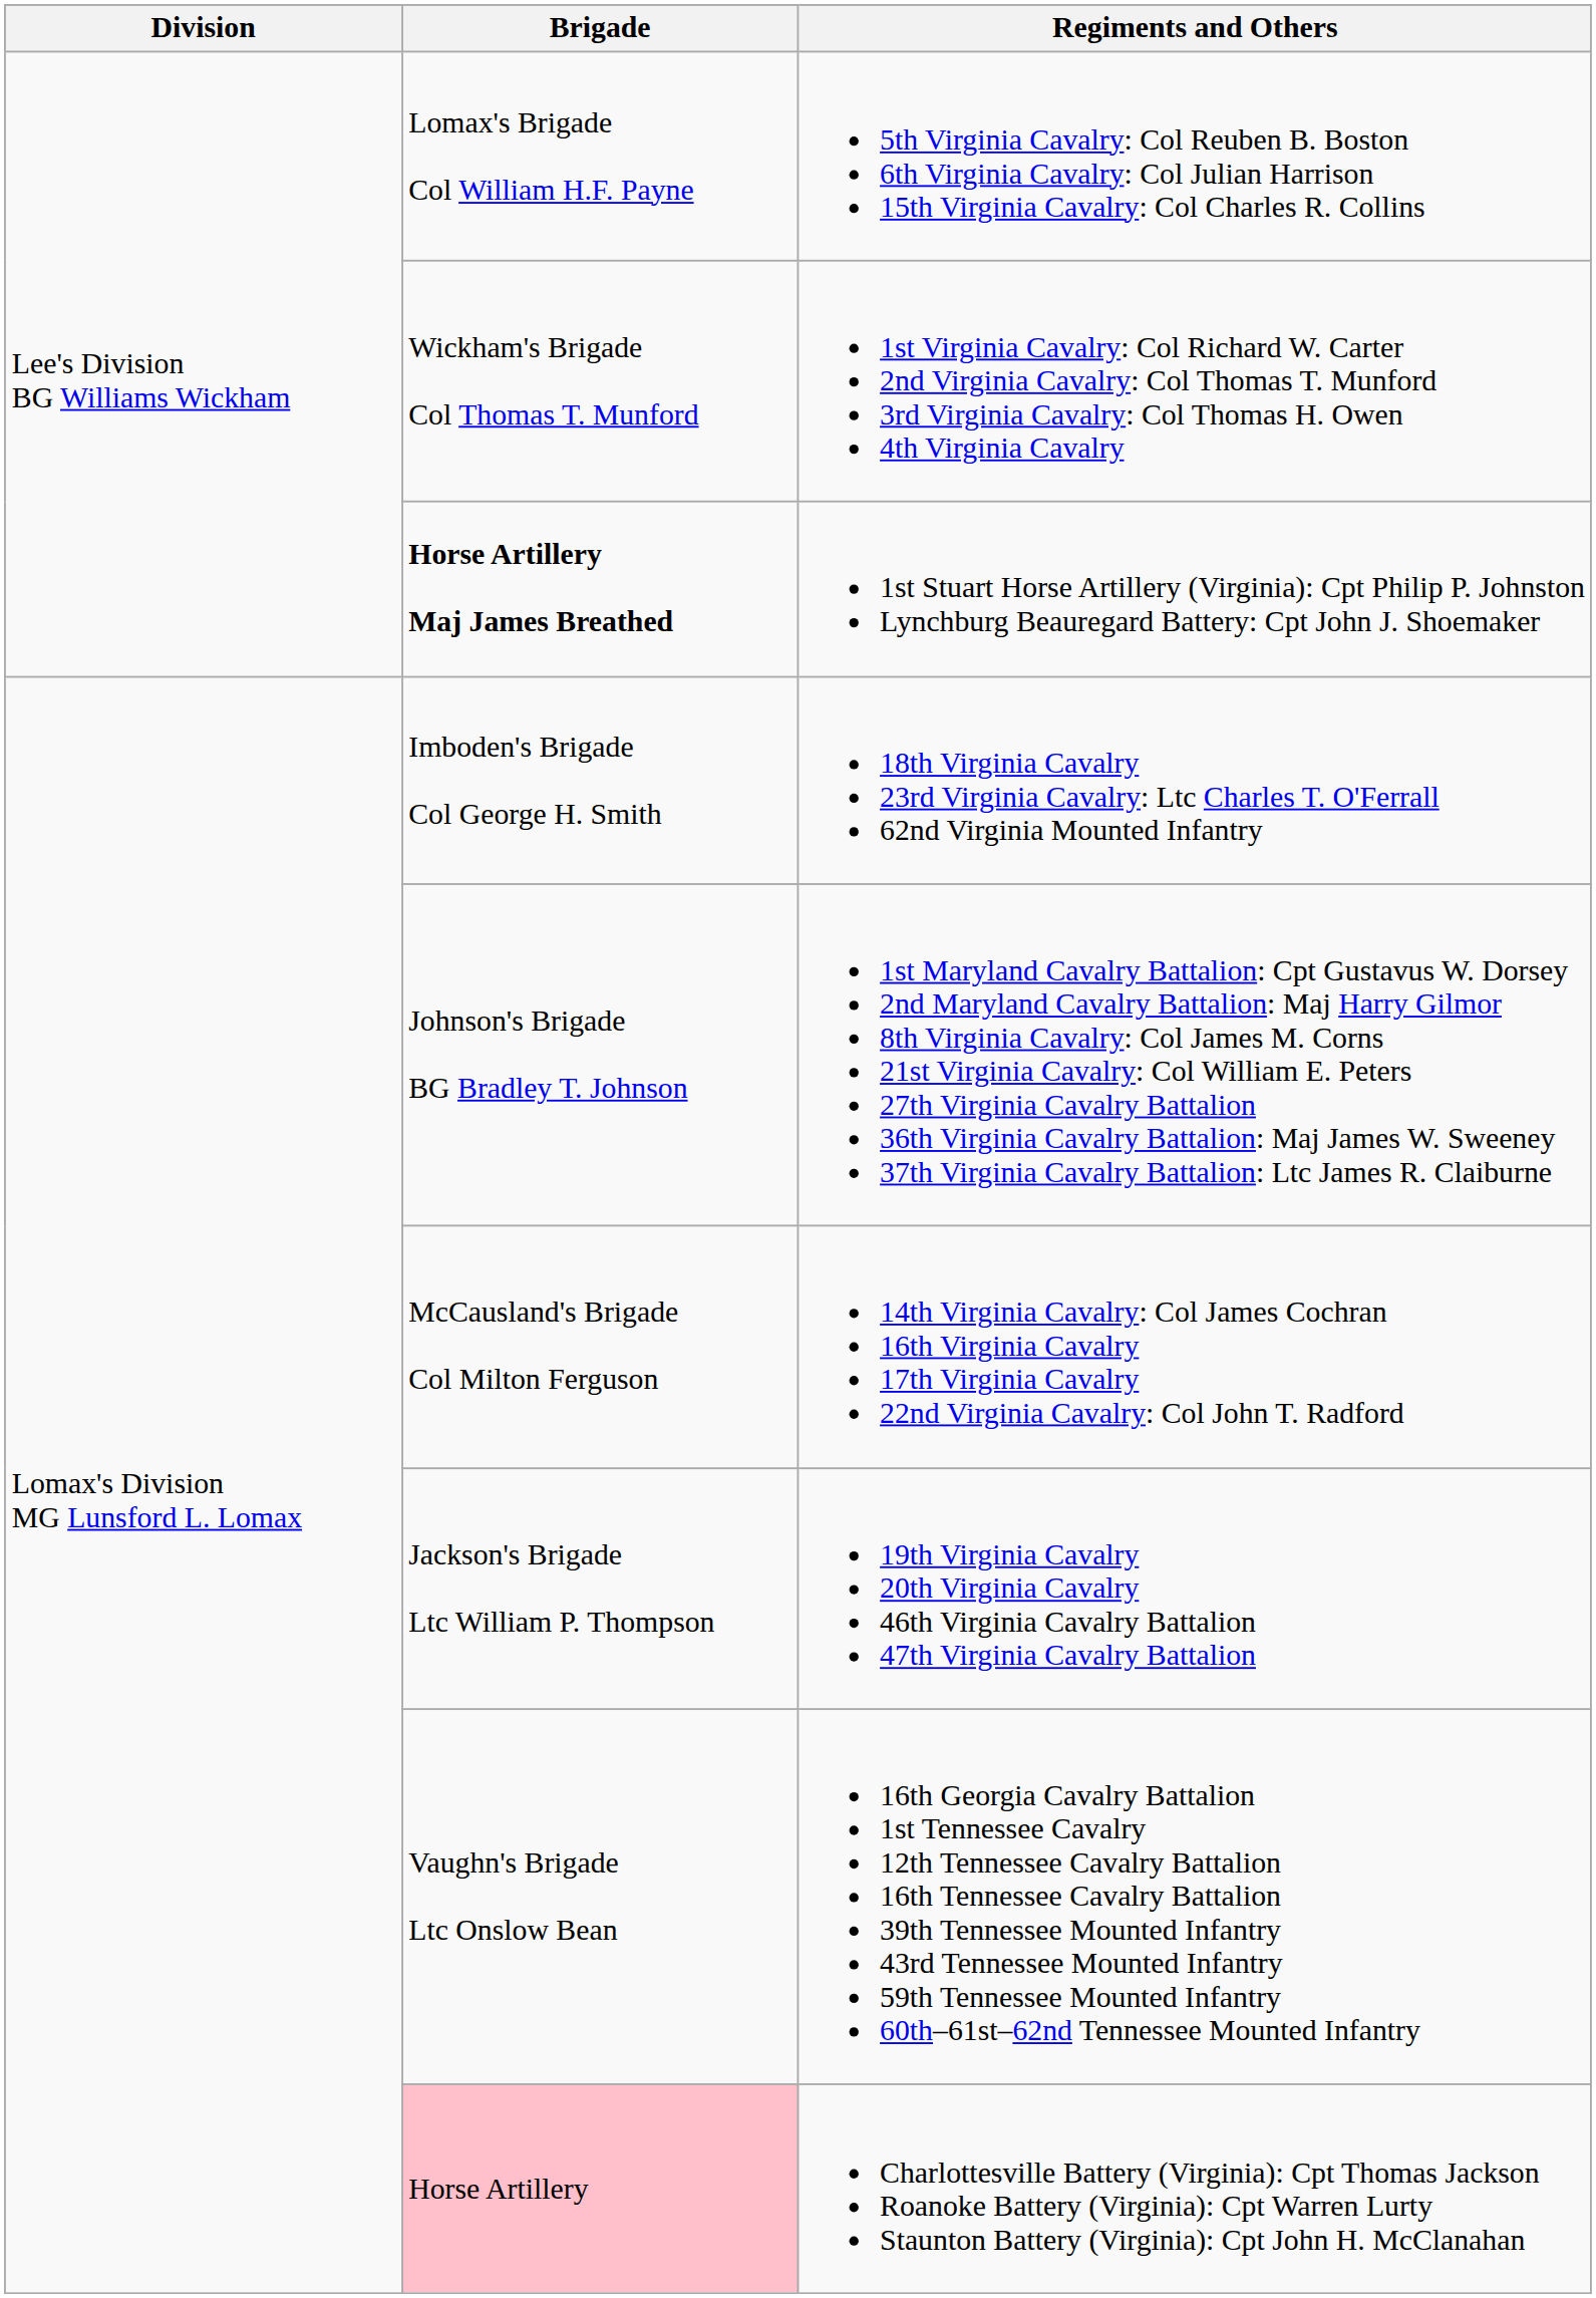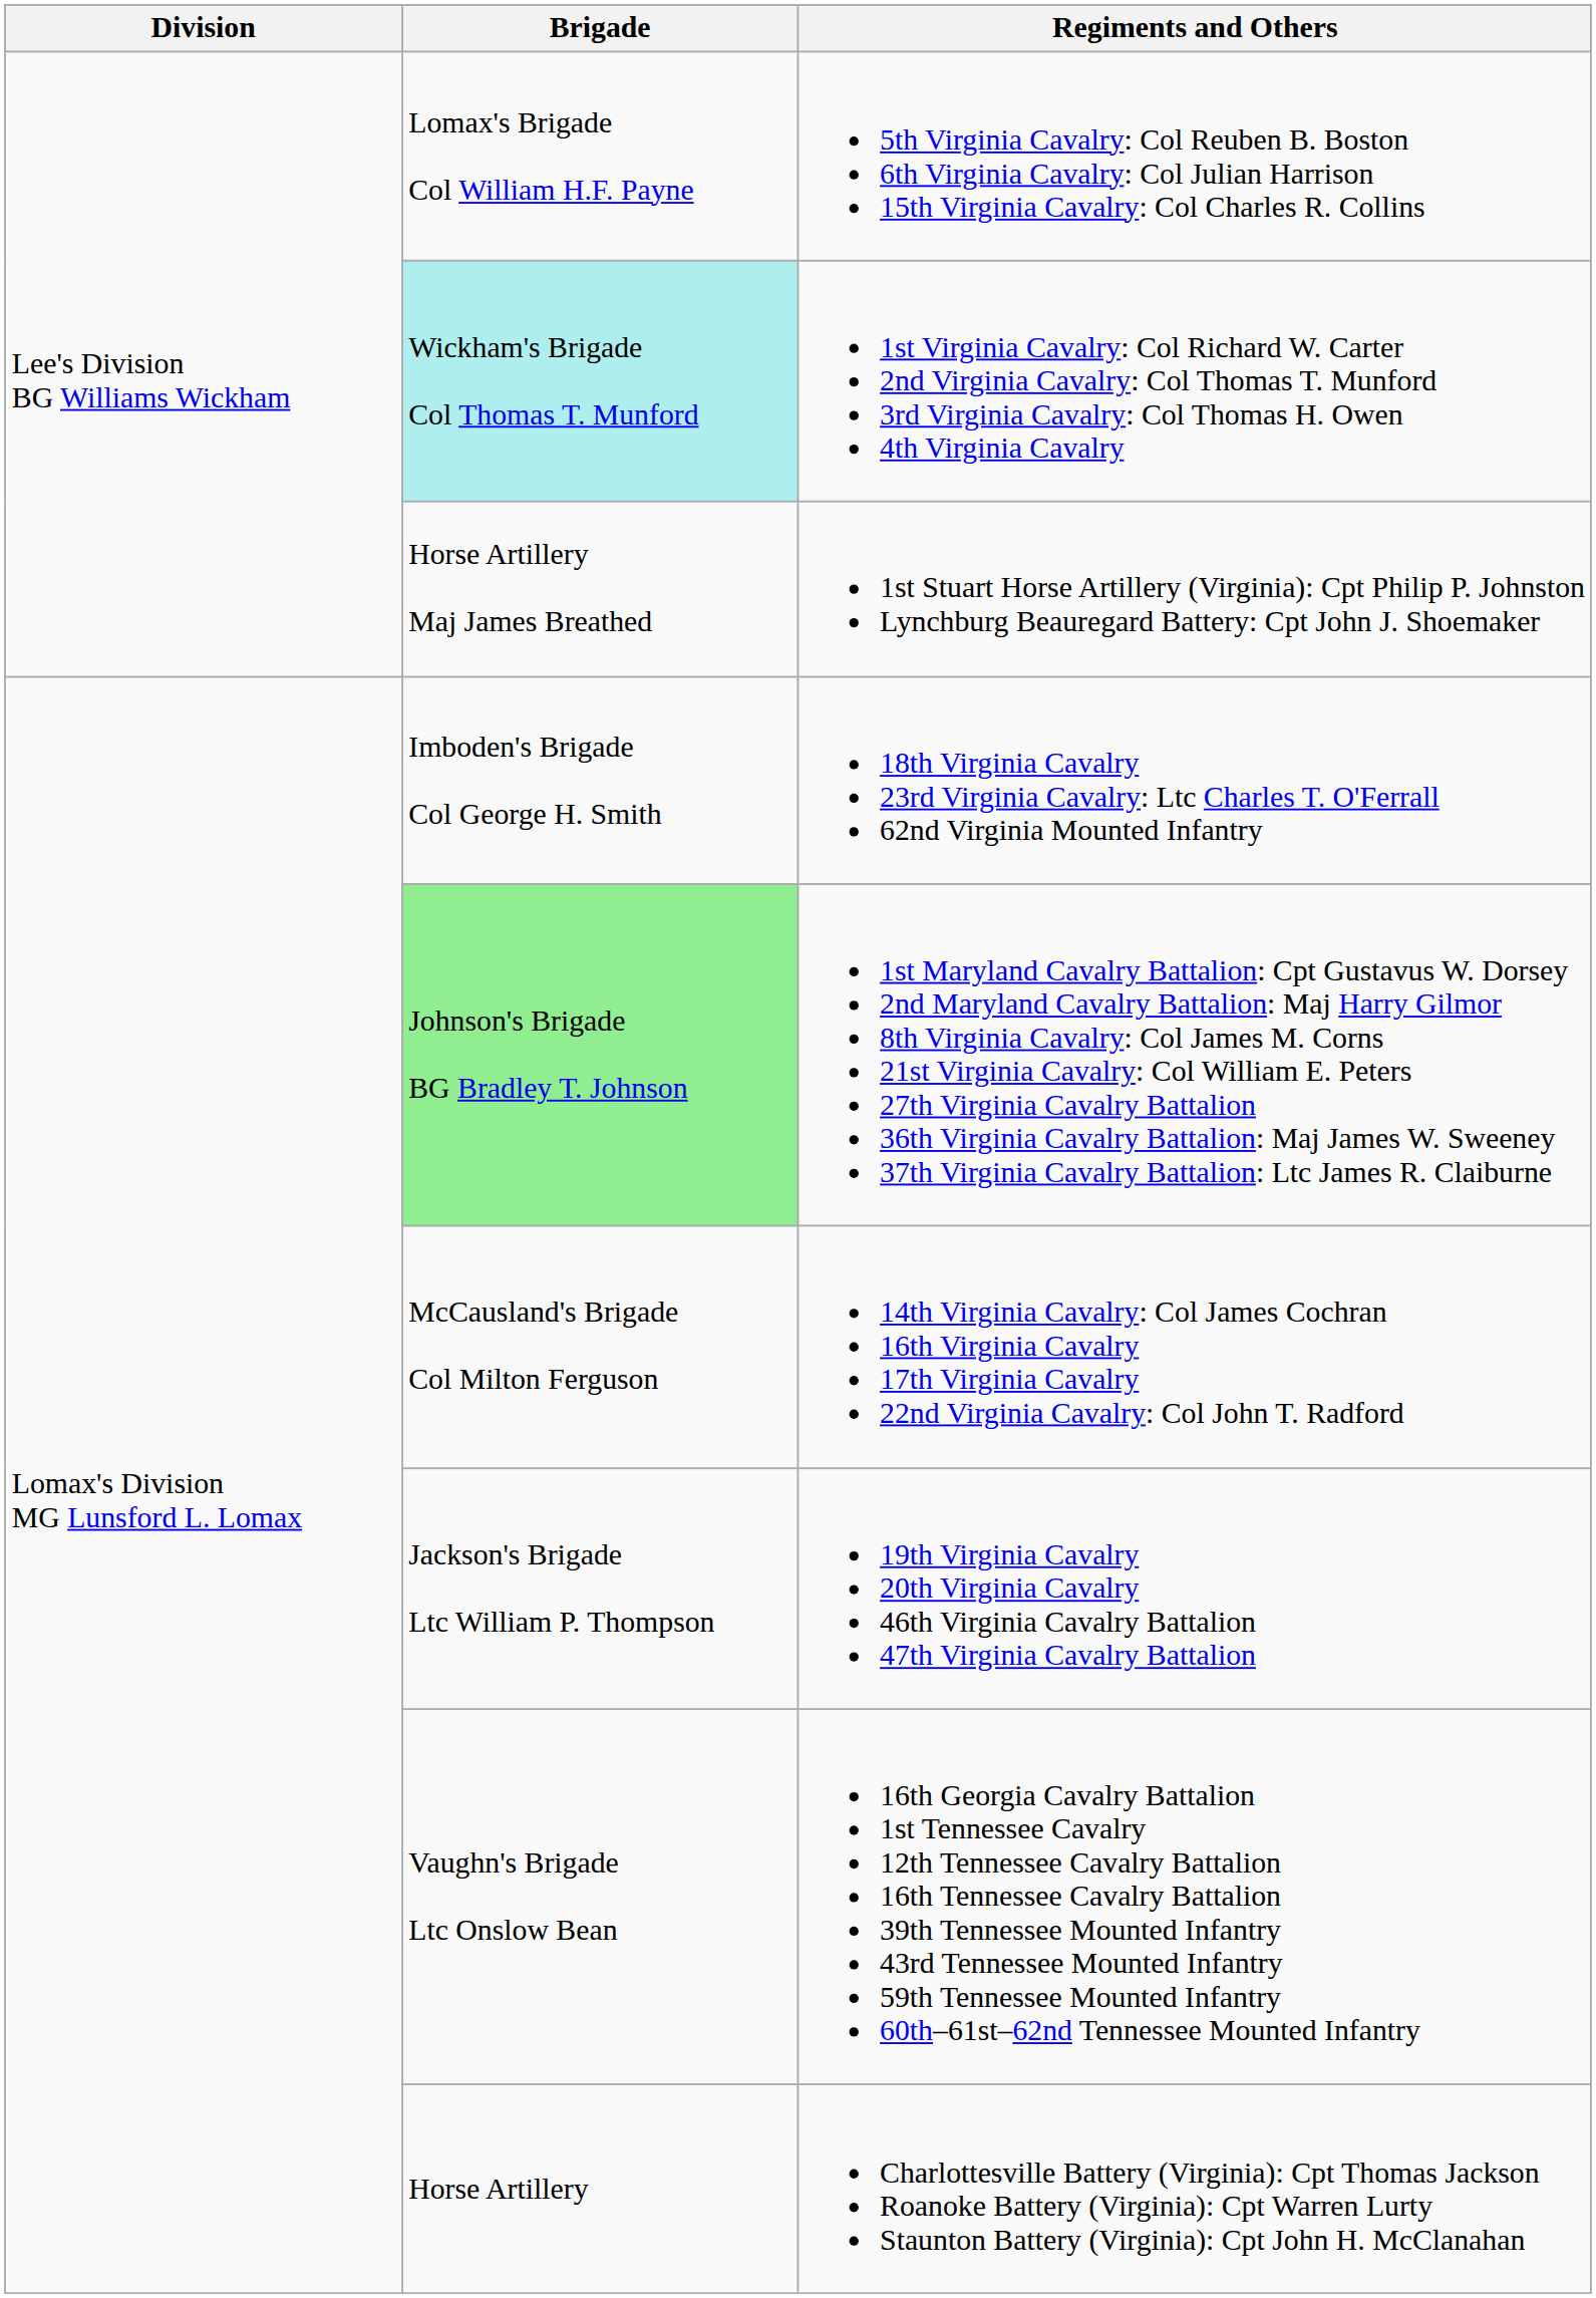 <table class="wikitable">
 <tr>
 <th style="width:25%;">Division</th>
 <th style="width:25%;">Brigade</th>
 <th>Regiments and Others</th>
 </tr>
 <tr>
 <td rowspan=3><br>Lee's Division <br> BG <a href='#'>Williams Wickham</a></td>
 <td>Lomax's Brigade<br><br> Col <a href='#'>William H.F. Payne</a></td>
 <td><br><ul><li><a href='#'>5th Virginia Cavalry</a>: Col Reuben B. Boston</li><li><a href='#'>6th Virginia Cavalry</a>: Col Julian Harrison</li><li><a href='#'>15th Virginia Cavalry</a>: Col Charles R. Collins</li></ul></td>
 </tr>
 <tr>
-<td>Wickham's Brigade<br><br> Col <a href='#'>Thomas T. Munford</a></td>
+<td style="background: paleturquoise;">Wickham's Brigade<br><br> Col <a href='#'>Thomas T. Munford</a></td>
 <td><br><ul><li><a href='#'>1st Virginia Cavalry</a>: Col Richard W. Carter</li><li><a href='#'>2nd Virginia Cavalry</a>: Col Thomas T. Munford</li><li><a href='#'>3rd Virginia Cavalry</a>: Col Thomas H. Owen</li><li><a href='#'>4th Virginia Cavalry</a></li></ul></td>
 </tr>
 <tr>
-<td><strong>Horse Artillery<br><br> Maj James Breathed</strong></td>
+<td>Horse Artillery<br><br> Maj James Breathed</td>
 <td><br><ul><li>1st Stuart Horse Artillery (Virginia): Cpt Philip P. Johnston</li><li>Lynchburg Beauregard Battery: Cpt John J. Shoemaker</li></ul></td>
 </tr>
 <tr>
 <td rowspan=6><br>Lomax's Division <br> MG <a href='#'>Lunsford L. Lomax</a></td>
 <td>Imboden's Brigade<br><br> Col George H. Smith</td>
 <td><br><ul><li><a href='#'>18th Virginia Cavalry</a></li><li><a href='#'>23rd Virginia Cavalry</a>: Ltc <a href='#'>Charles T. O'Ferrall</a></li><li>62nd Virginia Mounted Infantry</li></ul></td>
 </tr>
 <tr>
-<td>Johnson's Brigade<br><br> BG <a href='#'>Bradley T. Johnson</a></td>
+<td style="background: lightgreen;">Johnson's Brigade<br><br> BG <a href='#'>Bradley T. Johnson</a></td>
 <td><br><ul><li><a href='#'>1st Maryland Cavalry Battalion</a>: Cpt Gustavus W. Dorsey</li><li><a href='#'>2nd Maryland Cavalry Battalion</a>: Maj <a href='#'>Harry Gilmor</a></li><li><a href='#'>8th Virginia Cavalry</a>: Col James M. Corns</li><li><a href='#'>21st Virginia Cavalry</a>: Col William E. Peters</li><li><a href='#'>27th Virginia Cavalry Battalion</a></li><li><a href='#'>36th Virginia Cavalry Battalion</a>: Maj James W. Sweeney</li><li><a href='#'>37th Virginia Cavalry Battalion</a>: Ltc James R. Claiburne</li></ul></td>
 </tr>
 <tr>
 <td>McCausland's Brigade<br><br> Col Milton Ferguson</td>
 <td><br><ul><li><a href='#'>14th Virginia Cavalry</a>: Col James Cochran</li><li><a href='#'>16th Virginia Cavalry</a></li><li><a href='#'>17th Virginia Cavalry</a></li><li><a href='#'>22nd Virginia Cavalry</a>: Col John T. Radford</li></ul></td>
 </tr>
 <tr>
 <td>Jackson's Brigade<br><br> Ltc William P. Thompson</td>
 <td><br><ul><li><a href='#'>19th Virginia Cavalry</a></li><li><a href='#'>20th Virginia Cavalry</a></li><li>46th Virginia Cavalry Battalion</li><li><a href='#'>47th Virginia Cavalry Battalion</a></li></ul></td>
 </tr>
 <tr>
 <td>Vaughn's Brigade<br><br> Ltc Onslow Bean</td>
 <td><br><ul><li>16th Georgia Cavalry Battalion</li><li>1st Tennessee Cavalry</li><li>12th Tennessee Cavalry Battalion</li><li>16th Tennessee Cavalry Battalion</li><li>39th Tennessee Mounted Infantry</li><li>43rd Tennessee Mounted Infantry</li><li>59th Tennessee Mounted Infantry</li><li><a href='#'>60th</a>–61st–<a href='#'>62nd</a> Tennessee Mounted Infantry</li></ul></td>
 </tr>
 <tr>
-<td style="background: pink;">Horse Artillery</td>
+<td>Horse Artillery</td>
 <td><br><ul><li>Charlottesville Battery (Virginia): Cpt Thomas Jackson</li><li>Roanoke Battery (Virginia): Cpt Warren Lurty</li><li>Staunton Battery (Virginia): Cpt John H. McClanahan</li></ul></td>
 </tr>
 </table>
